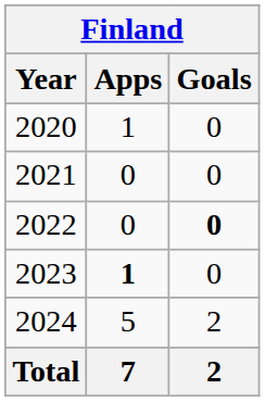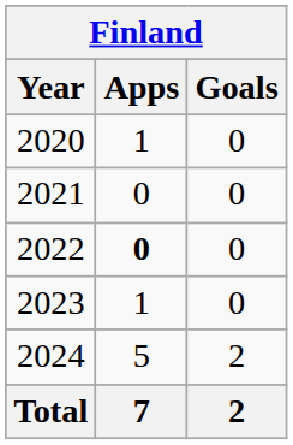 <table class=wikitable style=text-align:center>
 <tr>
 <th colspan=4><a href='#'>Finland</a></th>
 </tr>
 <tr>
 <th>Year</th>
 <th>Apps</th>
 <th>Goals</th>
 </tr>
 <tr>
 <td>2020</td>
 <td>1</td>
 <td>0</td>
 </tr>
 <tr>
 <td>2021</td>
 <td>0</td>
 <td>0</td>
 </tr>
 <tr>
 <td>2022</td>
+<td><strong>0</strong></td>
 <td>0</td>
-<td><strong>0</strong></td>
 </tr>
 <tr>
 <td>2023</td>
-<td><strong>1</strong></td>
+<td>1</td>
 <td>0</td>
 </tr>
 <tr>
 <td>2024</td>
 <td>5</td>
 <td>2</td>
 </tr>
 <tr>
 <th colspan=1>Total</th>
 <th>7</th>
 <th>2</th>
 </tr>
 </table>
